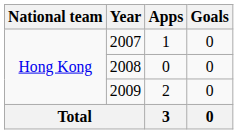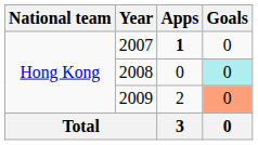 <table class="wikitable" style="text-align:center">
 <tr>
 <th>National team</th>
 <th>Year</th>
 <th>Apps</th>
 <th>Goals</th>
 </tr>
 <tr>
 <td rowspan="3"><a href='#'>Hong Kong</a></td>
 <td>2007</td>
-<td>1</td>
+<td><strong>1</strong></td>
 <td>0</td>
 </tr>
 <tr>
 <td>2008</td>
 <td>0</td>
-<td>0</td>
+<td style="background: paleturquoise;">0</td>
 </tr>
 <tr>
 <td>2009</td>
 <td>2</td>
-<td>0</td>
+<td style="background: lightsalmon;">0</td>
 </tr>
 <tr>
 <th colspan=2>Total</th>
 <th>3</th>
 <th>0</th>
 </tr>
 </table>
